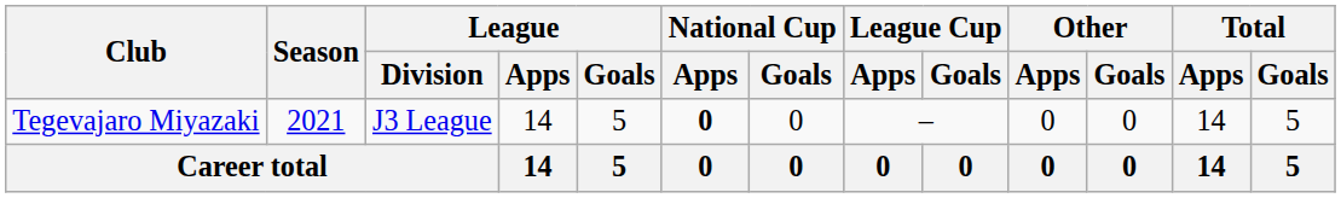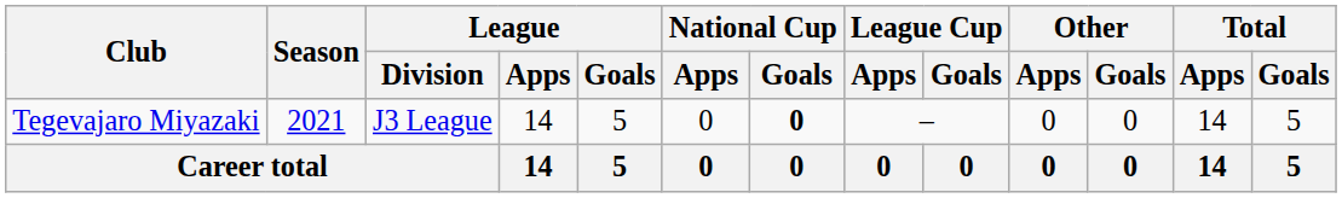 <table class="wikitable" style="text-align: center">
 <tr>
 <th rowspan="2">Club</th>
 <th rowspan="2">Season</th>
 <th colspan="3">League</th>
 <th colspan="2">National Cup</th>
 <th colspan="2">League Cup</th>
 <th colspan="2">Other</th>
 <th colspan="2">Total</th>
 </tr>
 <tr>
 <th>Division</th>
 <th>Apps</th>
 <th>Goals</th>
 <th>Apps</th>
 <th>Goals</th>
 <th>Apps</th>
 <th>Goals</th>
 <th>Apps</th>
 <th>Goals</th>
 <th>Apps</th>
 <th>Goals</th>
 </tr>
 <tr>
 <td><a href='#'>Tegevajaro Miyazaki</a></td>
 <td><a href='#'>2021</a></td>
 <td><a href='#'>J3 League</a></td>
 <td>14</td>
 <td>5</td>
+<td>0</td>
 <td><strong>0</strong></td>
-<td>0</td>
 <td colspan="2">–</td>
 <td>0</td>
 <td>0</td>
 <td>14</td>
 <td>5</td>
 </tr>
 <tr>
 <th colspan=3>Career total</th>
 <th>14</th>
 <th>5</th>
 <th>0</th>
 <th>0</th>
 <th>0</th>
 <th>0</th>
 <th>0</th>
 <th>0</th>
 <th>14</th>
 <th>5</th>
 </tr>
 </table>
